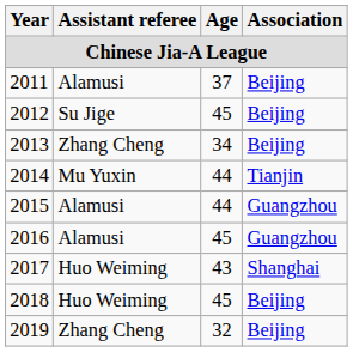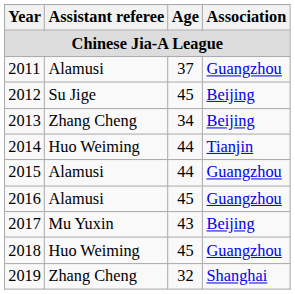 <table class="wikitable" style="text-align:left;">
 <tr>
 <th>Year</th>
 <th>Assistant referee</th>
 <th>Age</th>
 <th>Association</th>
 </tr>
 <tr style="background:#ddd;">
 <td colspan="4" style="text-align:center"><strong>Chinese Jia-A League</strong></td>
 </tr>
 <tr>
 <td>2011</td>
 <td> Alamusi</td>
 <td align=center>37</td>
-<td><a href='#'>Beijing</a></td>
+<td><a href='#'>Guangzhou</a></td>
 </tr>
 <tr>
 <td>2012</td>
 <td> Su Jige</td>
 <td align=center>45</td>
 <td><a href='#'>Beijing</a></td>
 </tr>
 <tr>
 <td>2013</td>
 <td> Zhang Cheng</td>
 <td align=center>34</td>
 <td><a href='#'>Beijing</a></td>
 </tr>
 <tr>
 <td>2014</td>
-<td> Mu Yuxin</td>
+<td> Huo Weiming</td>
 <td align=center>44</td>
 <td><a href='#'>Tianjin</a></td>
 </tr>
 <tr>
 <td>2015</td>
 <td> Alamusi</td>
 <td align=center>44</td>
 <td><a href='#'>Guangzhou</a></td>
 </tr>
 <tr>
 <td>2016</td>
 <td> Alamusi</td>
 <td align=center>45</td>
 <td><a href='#'>Guangzhou</a></td>
 </tr>
 <tr>
 <td>2017</td>
-<td> Huo Weiming</td>
+<td> Mu Yuxin</td>
 <td align=center>43</td>
-<td><a href='#'>Shanghai</a></td>
+<td><a href='#'>Beijing</a></td>
 </tr>
 <tr>
 <td>2018</td>
 <td> Huo Weiming</td>
 <td align=center>45</td>
-<td><a href='#'>Beijing</a></td>
+<td><a href='#'>Guangzhou</a></td>
 </tr>
 <tr>
 <td>2019</td>
 <td> Zhang Cheng</td>
 <td align=center>32</td>
-<td><a href='#'>Beijing</a></td>
+<td><a href='#'>Shanghai</a></td>
 </tr>
 </table>
